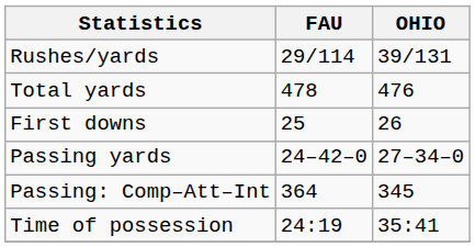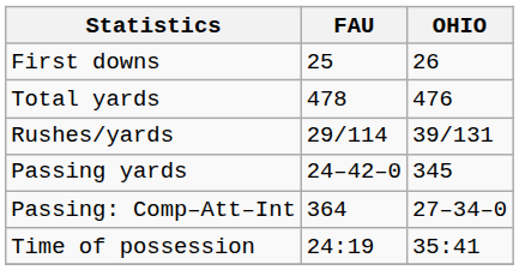 <table class="wikitable" style="float: left;">
 <tr>
 <th>Statistics</th>
 <th>FAU</th>
 <th>OHIO</th>
 </tr>
 <tr>
-<td>Rushes/yards</td>
-<td>29/114</td>
-<td>39/131</td>
+<td>First downs</td>
+<td>25</td>
+<td>26</td>
 </tr>
 <tr>
 <td>Total yards</td>
 <td>478</td>
 <td>476</td>
 </tr>
 <tr>
-<td>First downs</td>
-<td>25</td>
-<td>26</td>
+<td>Rushes/yards</td>
+<td>29/114</td>
+<td>39/131</td>
 </tr>
 <tr>
 <td>Passing yards</td>
 <td>24–42–0</td>
-<td>27–34–0</td>
+<td>345</td>
 </tr>
 <tr>
 <td>Passing: Comp–Att–Int</td>
 <td>364</td>
-<td>345</td>
+<td>27–34–0</td>
 </tr>
 <tr>
 <td>Time of possession</td>
 <td>24:19</td>
 <td>35:41</td>
 </tr>
 <tr>
 </tr>
 </table>
